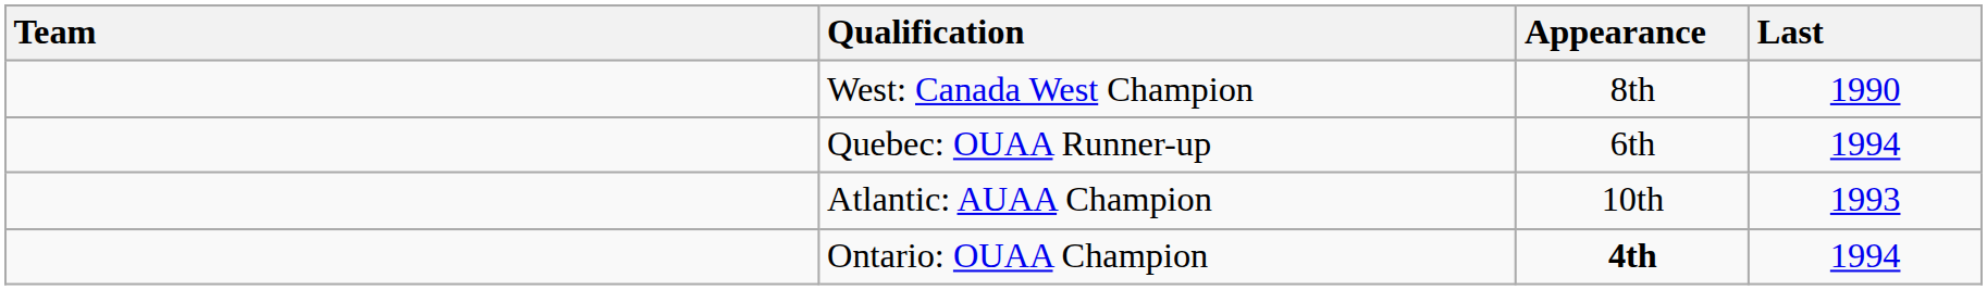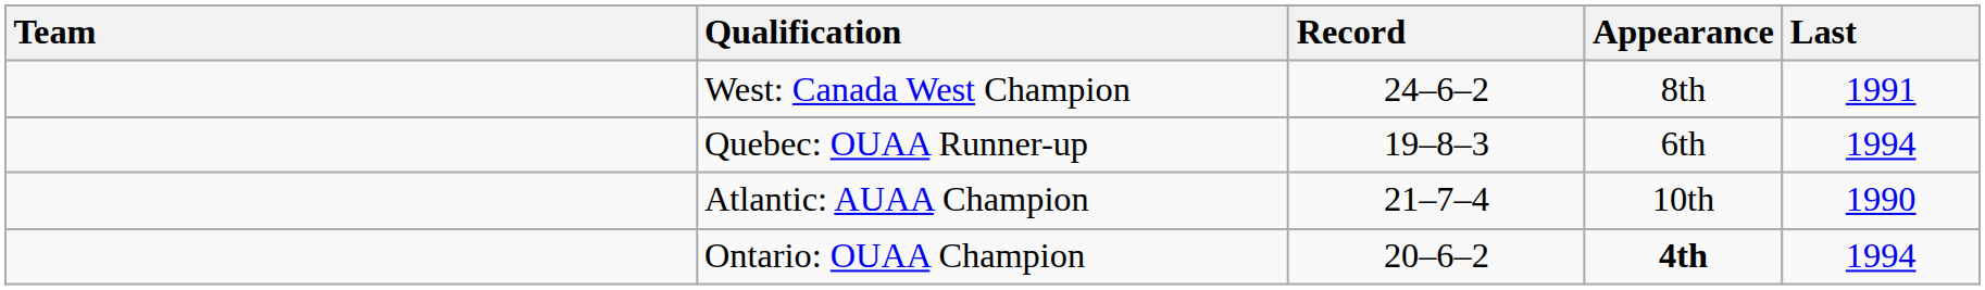 <table class="wikitable sortable" style="text-align: center;" width=900>
 <tr style="background:#efefef; text-align:center">
 <th style="text-align:left" width=35%>Team</th>
 <th style="text-align:left" width=30%>Qualification</th>
+<th style="text-align:left" width=15%>Record</th>
 <th style="text-align:left" width=10%>Appearance</th>
 <th style="text-align:left" width=10%>Last</th>
 </tr>
 <tr style="text-align:center">
 <td style="text-align:left; "><a href='#'></a></td>
 <td style="text-align:left">West: <a href='#'>Canada West</a> Champion</td>
+<td style="text-align:center">24–6–2</td>
 <td style="text-align:center">8th</td>
-<td style="text-align:center"><a href='#'>1990</a></td>
+<td style="text-align:center"><a href='#'>1991</a></td>
 </tr>
 <tr style="text-align:center">
 <td style="text-align:left; "><a href='#'></a></td>
 <td style="text-align:left">Quebec: <a href='#'>OUAA</a> Runner-up</td>
+<td style="text-align:center">19–8–3</td>
 <td style="text-align:center">6th</td>
 <td style="text-align:center"><a href='#'>1994</a></td>
 </tr>
 <tr style="text-align:center">
 <td style="text-align:left; "><a href='#'></a></td>
 <td style="text-align:left">Atlantic: <a href='#'>AUAA</a> Champion</td>
+<td style="text-align:center">21–7–4</td>
 <td style="text-align:center">10th</td>
-<td style="text-align:center"><a href='#'>1993</a></td>
+<td style="text-align:center"><a href='#'>1990</a></td>
 </tr>
 <tr style="text-align:center">
 <td style="text-align:left; "><a href='#'></a></td>
 <td style="text-align:left">Ontario: <a href='#'>OUAA</a> Champion</td>
+<td style="text-align:center">20–6–2</td>
 <td style="text-align:center"><strong>4th</strong></td>
 <td style="text-align:center"><a href='#'>1994</a></td>
 </tr>
 </table>
